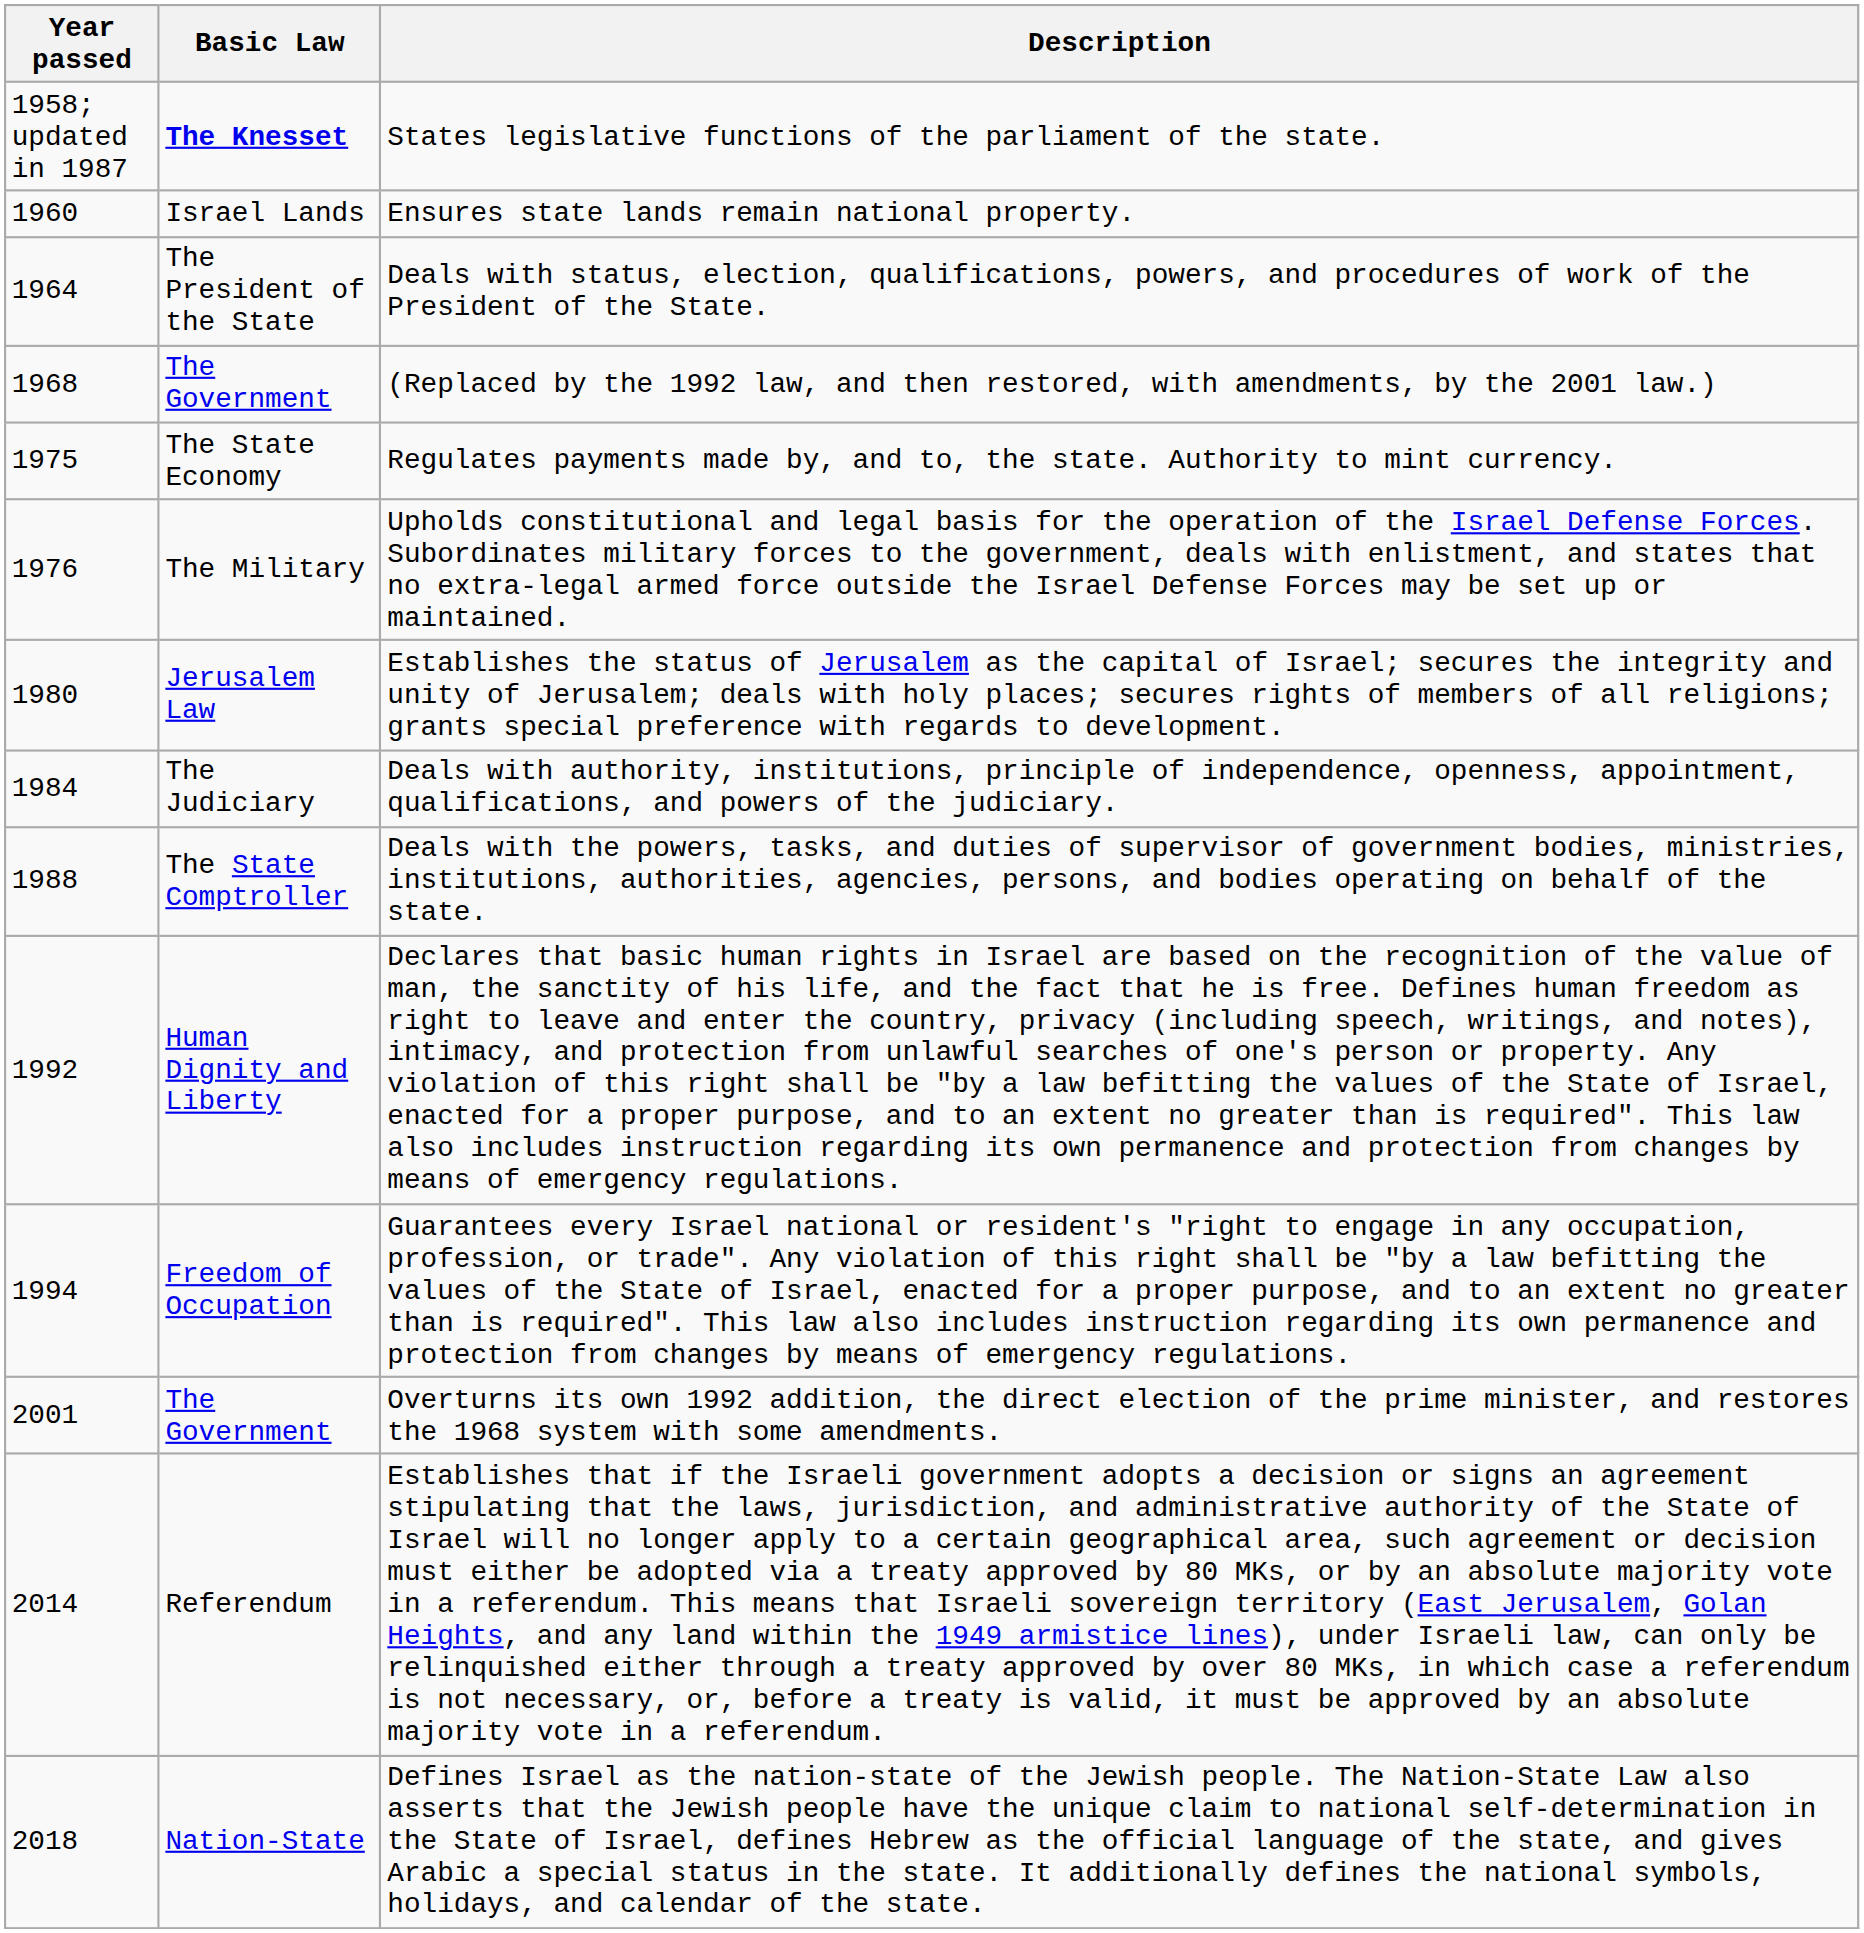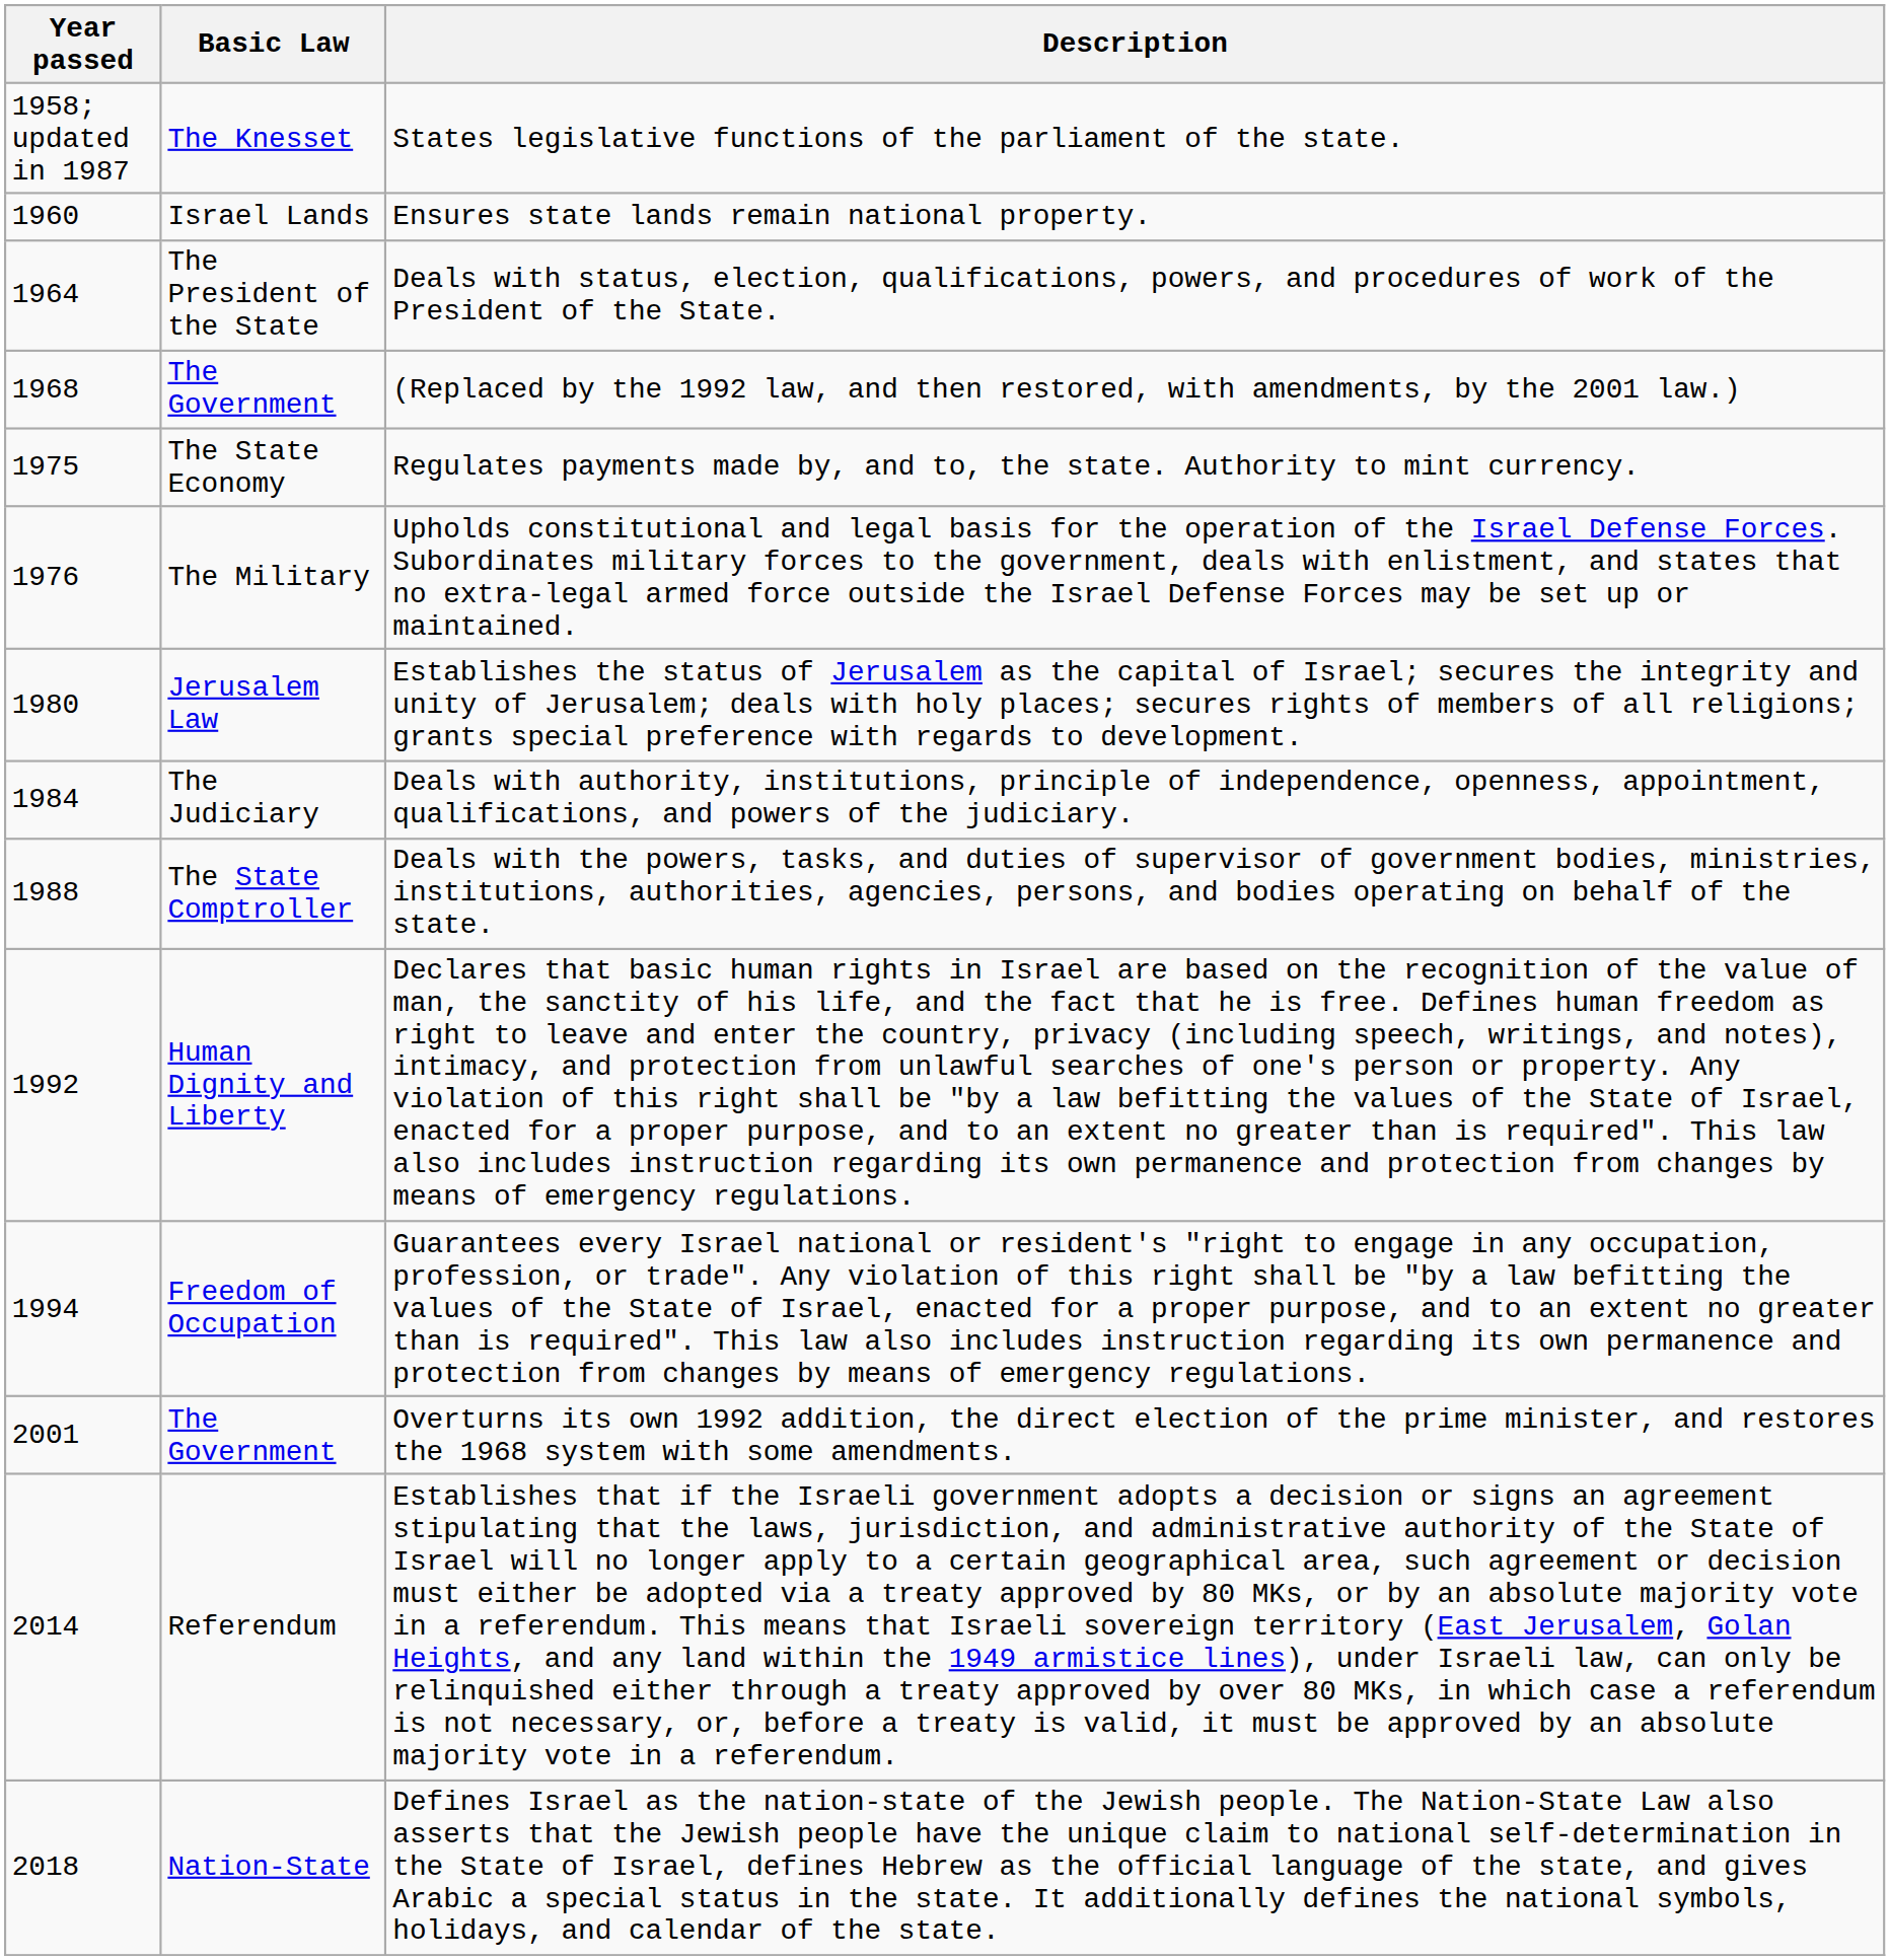 <table class="wikitable">
 <tr>
 <th>Year passed</th>
 <th>Basic Law</th>
 <th>Description</th>
 </tr>
 <tr>
 <td>1958; updated in 1987</td>
-<td><strong><a href='#'>The Knesset</a></strong></td>
+<td><a href='#'>The Knesset</a></td>
 <td>States legislative functions of the parliament of the state.</td>
 </tr>
 <tr>
 <td>1960</td>
 <td>Israel Lands</td>
 <td>Ensures state lands remain national property.</td>
 </tr>
 <tr>
 <td>1964</td>
 <td>The President of the State</td>
 <td>Deals with status, election, qualifications, powers, and procedures of work of the President of the State.</td>
 </tr>
 <tr>
 <td>1968</td>
 <td><a href='#'>The Government</a></td>
 <td>(Replaced by the 1992 law, and then restored, with amendments, by the 2001 law.)</td>
 </tr>
 <tr>
 <td>1975</td>
 <td>The State Economy</td>
 <td>Regulates payments made by, and to, the state. Authority to mint currency.</td>
 </tr>
 <tr>
 <td>1976</td>
 <td>The Military</td>
 <td>Upholds constitutional and legal basis for the operation of the <a href='#'>Israel Defense Forces</a>. Subordinates military forces to the government, deals with enlistment, and states that no extra-legal armed force outside the Israel Defense Forces may be set up or maintained.</td>
 </tr>
 <tr>
 <td>1980</td>
 <td><a href='#'>Jerusalem Law</a></td>
 <td>Establishes the status of <a href='#'>Jerusalem</a> as the capital of Israel; secures the integrity and unity of Jerusalem; deals with holy places; secures rights of members of all religions; grants special preference with regards to development.</td>
 </tr>
 <tr>
 <td>1984</td>
 <td>The Judiciary</td>
 <td>Deals with authority, institutions, principle of independence, openness, appointment, qualifications, and powers of the judiciary.</td>
 </tr>
 <tr>
 <td>1988</td>
 <td>The <a href='#'>State Comptroller</a></td>
 <td>Deals with the powers, tasks, and duties of supervisor of government bodies, ministries, institutions, authorities, agencies, persons, and bodies operating on behalf of the state.</td>
 </tr>
 <tr>
 <td>1992</td>
 <td><a href='#'>Human Dignity and Liberty</a></td>
 <td>Declares that basic human rights in Israel are based on the recognition of the value of man, the sanctity of his life, and the fact that he is free. Defines human freedom as right to leave and enter the country, privacy (including speech, writings, and notes), intimacy, and protection from unlawful searches of one's person or property. Any violation of this right shall be "by a law befitting the values of the State of Israel, enacted for a proper purpose, and to an extent no greater than is required". This law also includes instruction regarding its own permanence and protection from changes by means of emergency regulations.</td>
 </tr>
 <tr>
 <td>1994</td>
 <td><a href='#'>Freedom of Occupation</a></td>
 <td>Guarantees every Israel national or resident's "right to engage in any occupation, profession, or trade". Any violation of this right shall be "by a law befitting the values of the State of Israel, enacted for a proper purpose, and to an extent no greater than is required". This law also includes instruction regarding its own permanence and protection from changes by means of emergency regulations.</td>
 </tr>
 <tr>
 <td>2001</td>
 <td><a href='#'>The Government</a></td>
 <td>Overturns its own 1992 addition, the direct election of the prime minister, and restores the 1968 system with some amendments.</td>
 </tr>
 <tr>
 <td>2014</td>
 <td>Referendum</td>
 <td>Establishes that if the Israeli government adopts a decision or signs an agreement stipulating that the laws, jurisdiction, and administrative authority of the State of Israel will no longer apply to a certain geographical area, such agreement or decision must either be adopted via a treaty approved by 80 MKs, or by an absolute majority vote in a referendum. This means that Israeli sovereign territory (<a href='#'>East Jerusalem</a>, <a href='#'>Golan Heights</a>, and any land within the <a href='#'>1949 armistice lines</a>), under Israeli law, can only be relinquished either through a treaty approved by over 80 MKs, in which case a referendum is not necessary, or, before a treaty is valid, it must be approved by an absolute majority vote in a referendum.</td>
 </tr>
 <tr>
 <td>2018</td>
 <td><a href='#'>Nation-State</a></td>
 <td>Defines Israel as the nation-state of the Jewish people. The Nation-State Law also asserts that the Jewish people have the unique claim to national self-determination in the State of Israel, defines Hebrew as the official language of the state, and gives Arabic a special status in the state. It additionally defines the national symbols, holidays, and calendar of the state.</td>
 </tr>
 <tr>
 </tr>
 </table>
